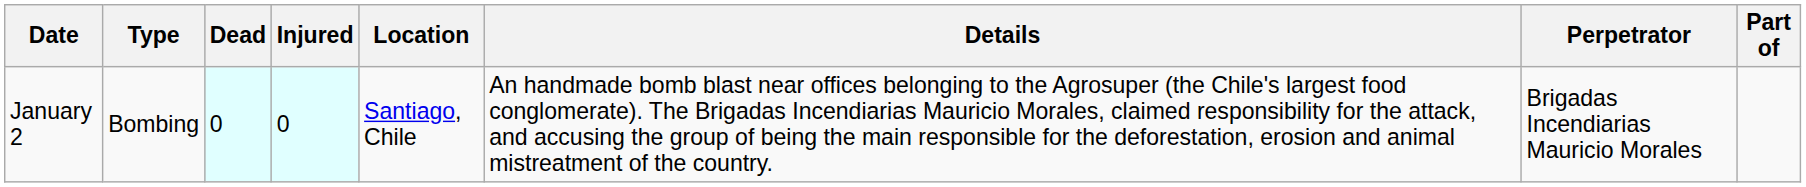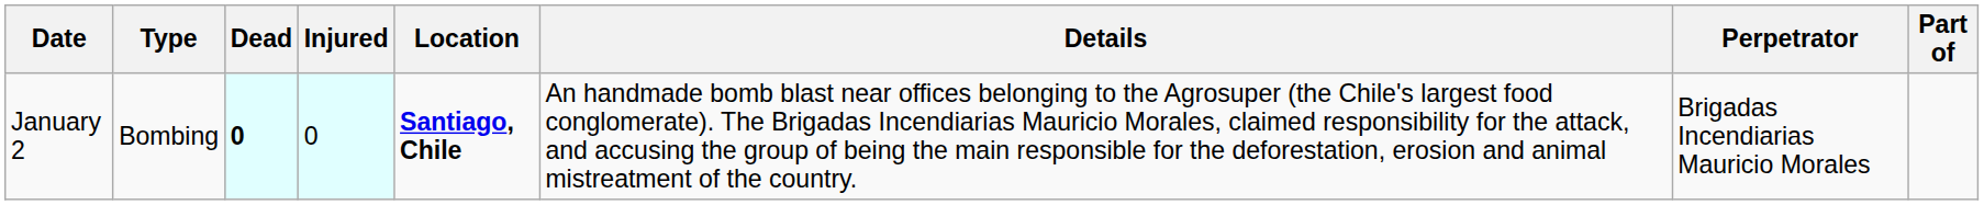 <table class="wikitable" border="1">
 <tr>
 <th>Date</th>
 <th>Type</th>
 <th data-sort-type="number">Dead</th>
 <th data-sort-type="number">Injured</th>
 <th>Location</th>
 <th class="unsortable">Details</th>
 <th>Perpetrator</th>
 <th>Part of<br></th>
 </tr>
 <tr>
 <td>January 2</td>
 <td>Bombing</td>
+<td style="background:#E0FFFF;text-align:left"><strong>0</strong></td>
 <td style="background:#E0FFFF;text-align:left">0</td>
-<td style="background:#E0FFFF;text-align:left">0</td>
-<td><a href='#'>Santiago</a>, Chile</td>
+<td><strong><a href='#'>Santiago</a>, Chile</strong></td>
 <td>An handmade bomb blast near offices belonging to the Agrosuper (the Chile's largest food conglomerate). The Brigadas Incendiarias Mauricio Morales, claimed responsibility for the attack, and accusing the group of being the main responsible for the deforestation, erosion and animal mistreatment of the country.</td>
 <td>Brigadas Incendiarias Mauricio Morales</td>
 </tr>
 </table>
